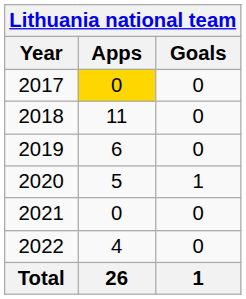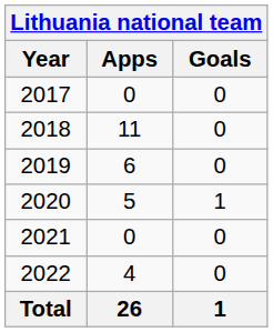 <table class="wikitable" style="text-align:center">
 <tr>
 <th colspan=3><a href='#'>Lithuania national team</a></th>
 </tr>
 <tr>
 <th>Year</th>
 <th>Apps</th>
 <th>Goals</th>
 </tr>
 <tr>
 <td>2017</td>
-<td style="background: gold;">0</td>
+<td>0</td>
 <td>0</td>
 </tr>
 <tr>
 <td>2018</td>
 <td>11</td>
 <td>0</td>
 </tr>
 <tr>
 <td>2019</td>
 <td>6</td>
 <td>0</td>
 </tr>
 <tr>
 <td>2020</td>
 <td>5</td>
 <td>1</td>
 </tr>
 <tr>
 <td>2021</td>
 <td>0</td>
 <td>0</td>
 </tr>
 <tr>
 <td>2022</td>
 <td>4</td>
 <td>0</td>
 </tr>
 <tr>
 <th>Total</th>
 <th>26</th>
 <th>1</th>
 </tr>
 </table>
